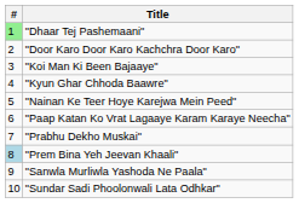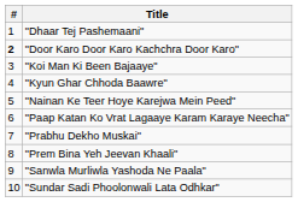 <table class="wikitable" style="font-size:95%;">
 <tr>
 <th>#</th>
 <th>Title</th>
 </tr>
 <tr>
-<td style="background: lightgreen;">1</td>
+<td>1</td>
 <td>"Dhaar Tej Pashemaani"</td>
 </tr>
 <tr>
-<td>2</td>
+<td><strong>2</strong></td>
 <td>"Door Karo Door Karo Kachchra Door Karo"</td>
 </tr>
 <tr>
 <td>3</td>
 <td>"Koi Man Ki Been Bajaaye"</td>
 </tr>
 <tr>
 <td>4</td>
 <td>"Kyun Ghar Chhoda Baawre"</td>
 </tr>
 <tr>
 <td>5</td>
 <td>"Nainan Ke Teer Hoye Karejwa Mein Peed"</td>
 </tr>
 <tr>
 <td>6</td>
 <td>"Paap Katan Ko Vrat Lagaaye Karam Karaye Neecha"</td>
 </tr>
 <tr>
 <td>7</td>
 <td>"Prabhu Dekho Muskai"</td>
 </tr>
 <tr>
-<td style="background: lightblue;">8</td>
+<td>8</td>
 <td>"Prem Bina Yeh Jeevan Khaali"</td>
 </tr>
 <tr>
 <td>9</td>
 <td>"Sanwla Murliwla Yashoda Ne Paala"</td>
 </tr>
 <tr>
 <td>10</td>
 <td>"Sundar Sadi Phoolonwali Lata Odhkar"</td>
 </tr>
 </table>
